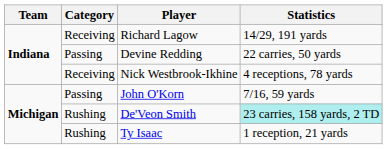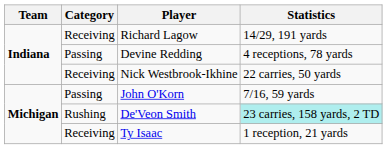 <table class="wikitable" style="float: right;">
 <tr>
 <th>Team</th>
 <th>Category</th>
 <th>Player</th>
 <th>Statistics</th>
 </tr>
 <tr>
 <td rowspan=3><strong>Indiana</strong></td>
 <td>Receiving</td>
 <td>Richard Lagow</td>
 <td>14/29, 191 yards</td>
 </tr>
 <tr>
 <td>Passing</td>
 <td>Devine Redding</td>
-<td>22 carries, 50 yards</td>
+<td>4 receptions, 78 yards</td>
 </tr>
 <tr>
 <td>Receiving</td>
 <td>Nick Westbrook-Ikhine</td>
-<td>4 receptions, 78 yards</td>
+<td>22 carries, 50 yards</td>
 </tr>
 <tr>
 <td rowspan=3><strong>Michigan</strong></td>
 <td>Passing</td>
 <td><a href='#'>John O'Korn</a></td>
 <td>7/16, 59 yards</td>
 </tr>
 <tr>
 <td>Rushing</td>
 <td><a href='#'>De'Veon Smith</a></td>
 <td style="background: paleturquoise;">23 carries, 158 yards, 2 TD</td>
 </tr>
 <tr>
-<td>Rushing</td>
+<td>Receiving</td>
 <td><a href='#'>Ty Isaac</a></td>
 <td>1 reception, 21 yards</td>
 </tr>
 </table>
